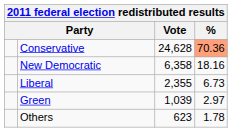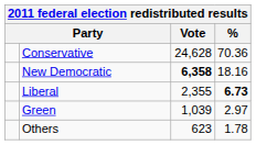 <table class="wikitable">
 <tr>
 <th colspan="4"><a href='#'>2011 federal election</a> redistributed results</th>
 </tr>
 <tr>
 <th bgcolor="#DDDDFF" width="130px" colspan="2">Party</th>
 <th bgcolor="#DDDDFF" width="50px">Vote</th>
 <th bgcolor="#DDDDFF" width="30px">%</th>
 </tr>
 <tr>
 <td> </td>
 <td><a href='#'>Conservative</a></td>
 <td align=right>24,628</td>
-<td align=right style="background: lightsalmon;">70.36</td>
+<td align=right>70.36</td>
 </tr>
 <tr>
 <td> </td>
 <td><a href='#'>New Democratic</a></td>
-<td align=right>6,358</td>
+<td align=right><strong>6,358</strong></td>
 <td align=right>18.16</td>
 </tr>
 <tr>
 <td> </td>
 <td><a href='#'>Liberal</a></td>
 <td align=right>2,355</td>
-<td align=right>6.73</td>
+<td align=right><strong>6.73</strong></td>
 </tr>
 <tr>
 <td> </td>
 <td><a href='#'>Green</a></td>
 <td align=right>1,039</td>
 <td align=right>2.97</td>
 </tr>
 <tr>
 <td> </td>
 <td>Others</td>
 <td align=right>623</td>
 <td align=right>1.78</td>
 </tr>
 </table>
